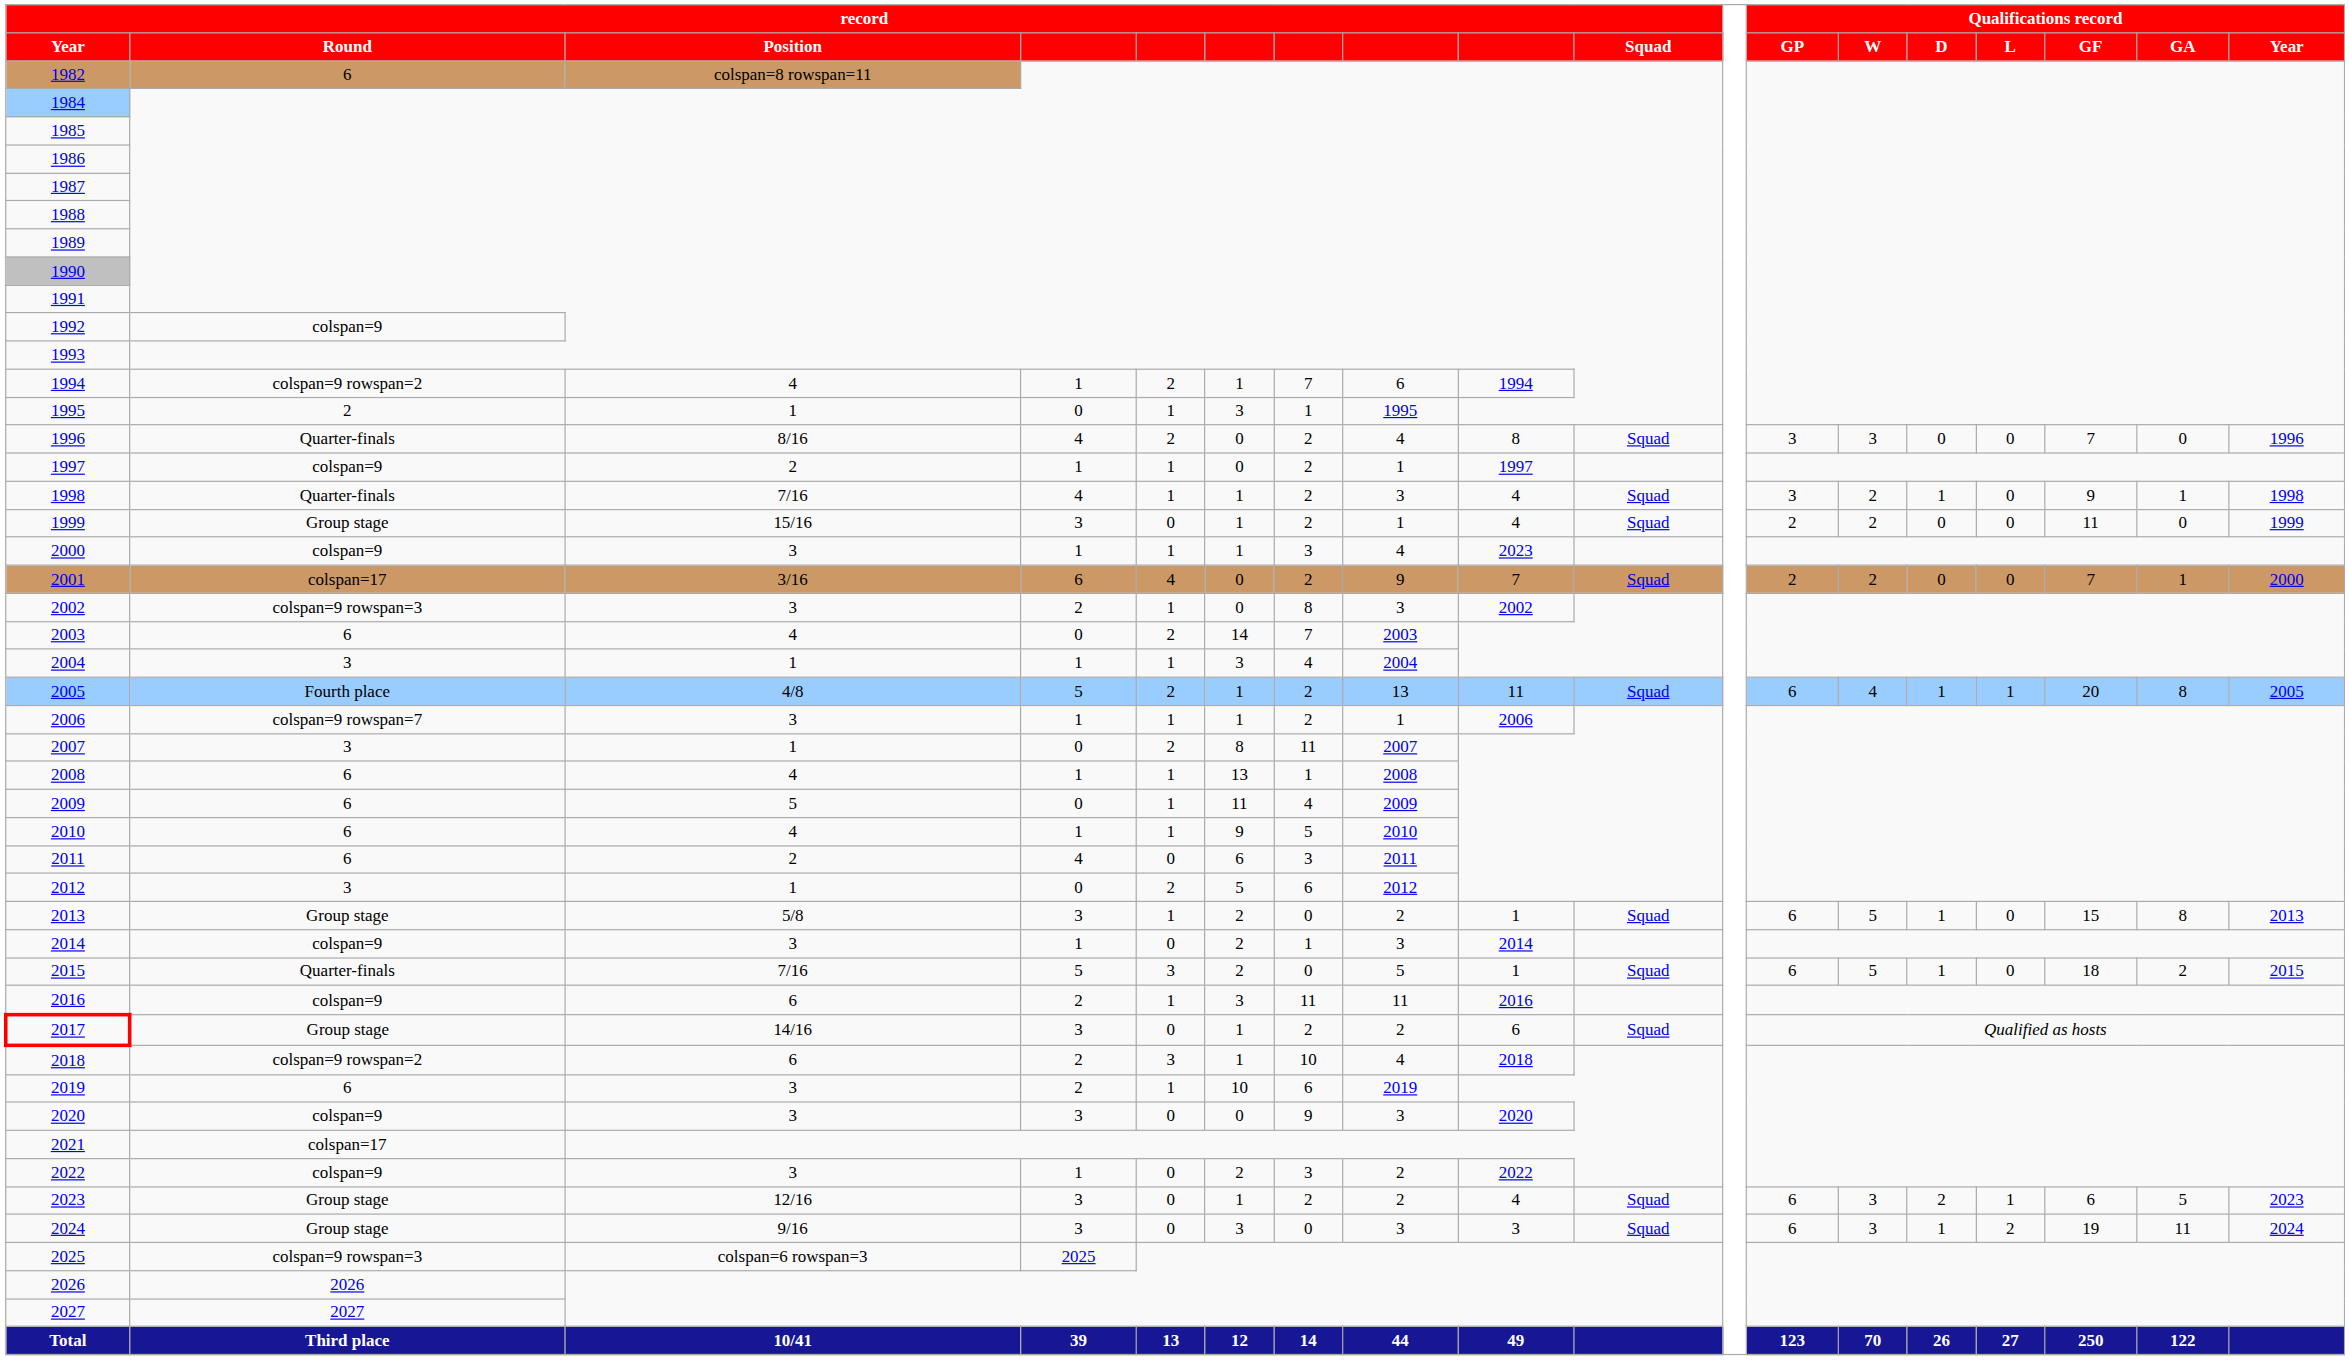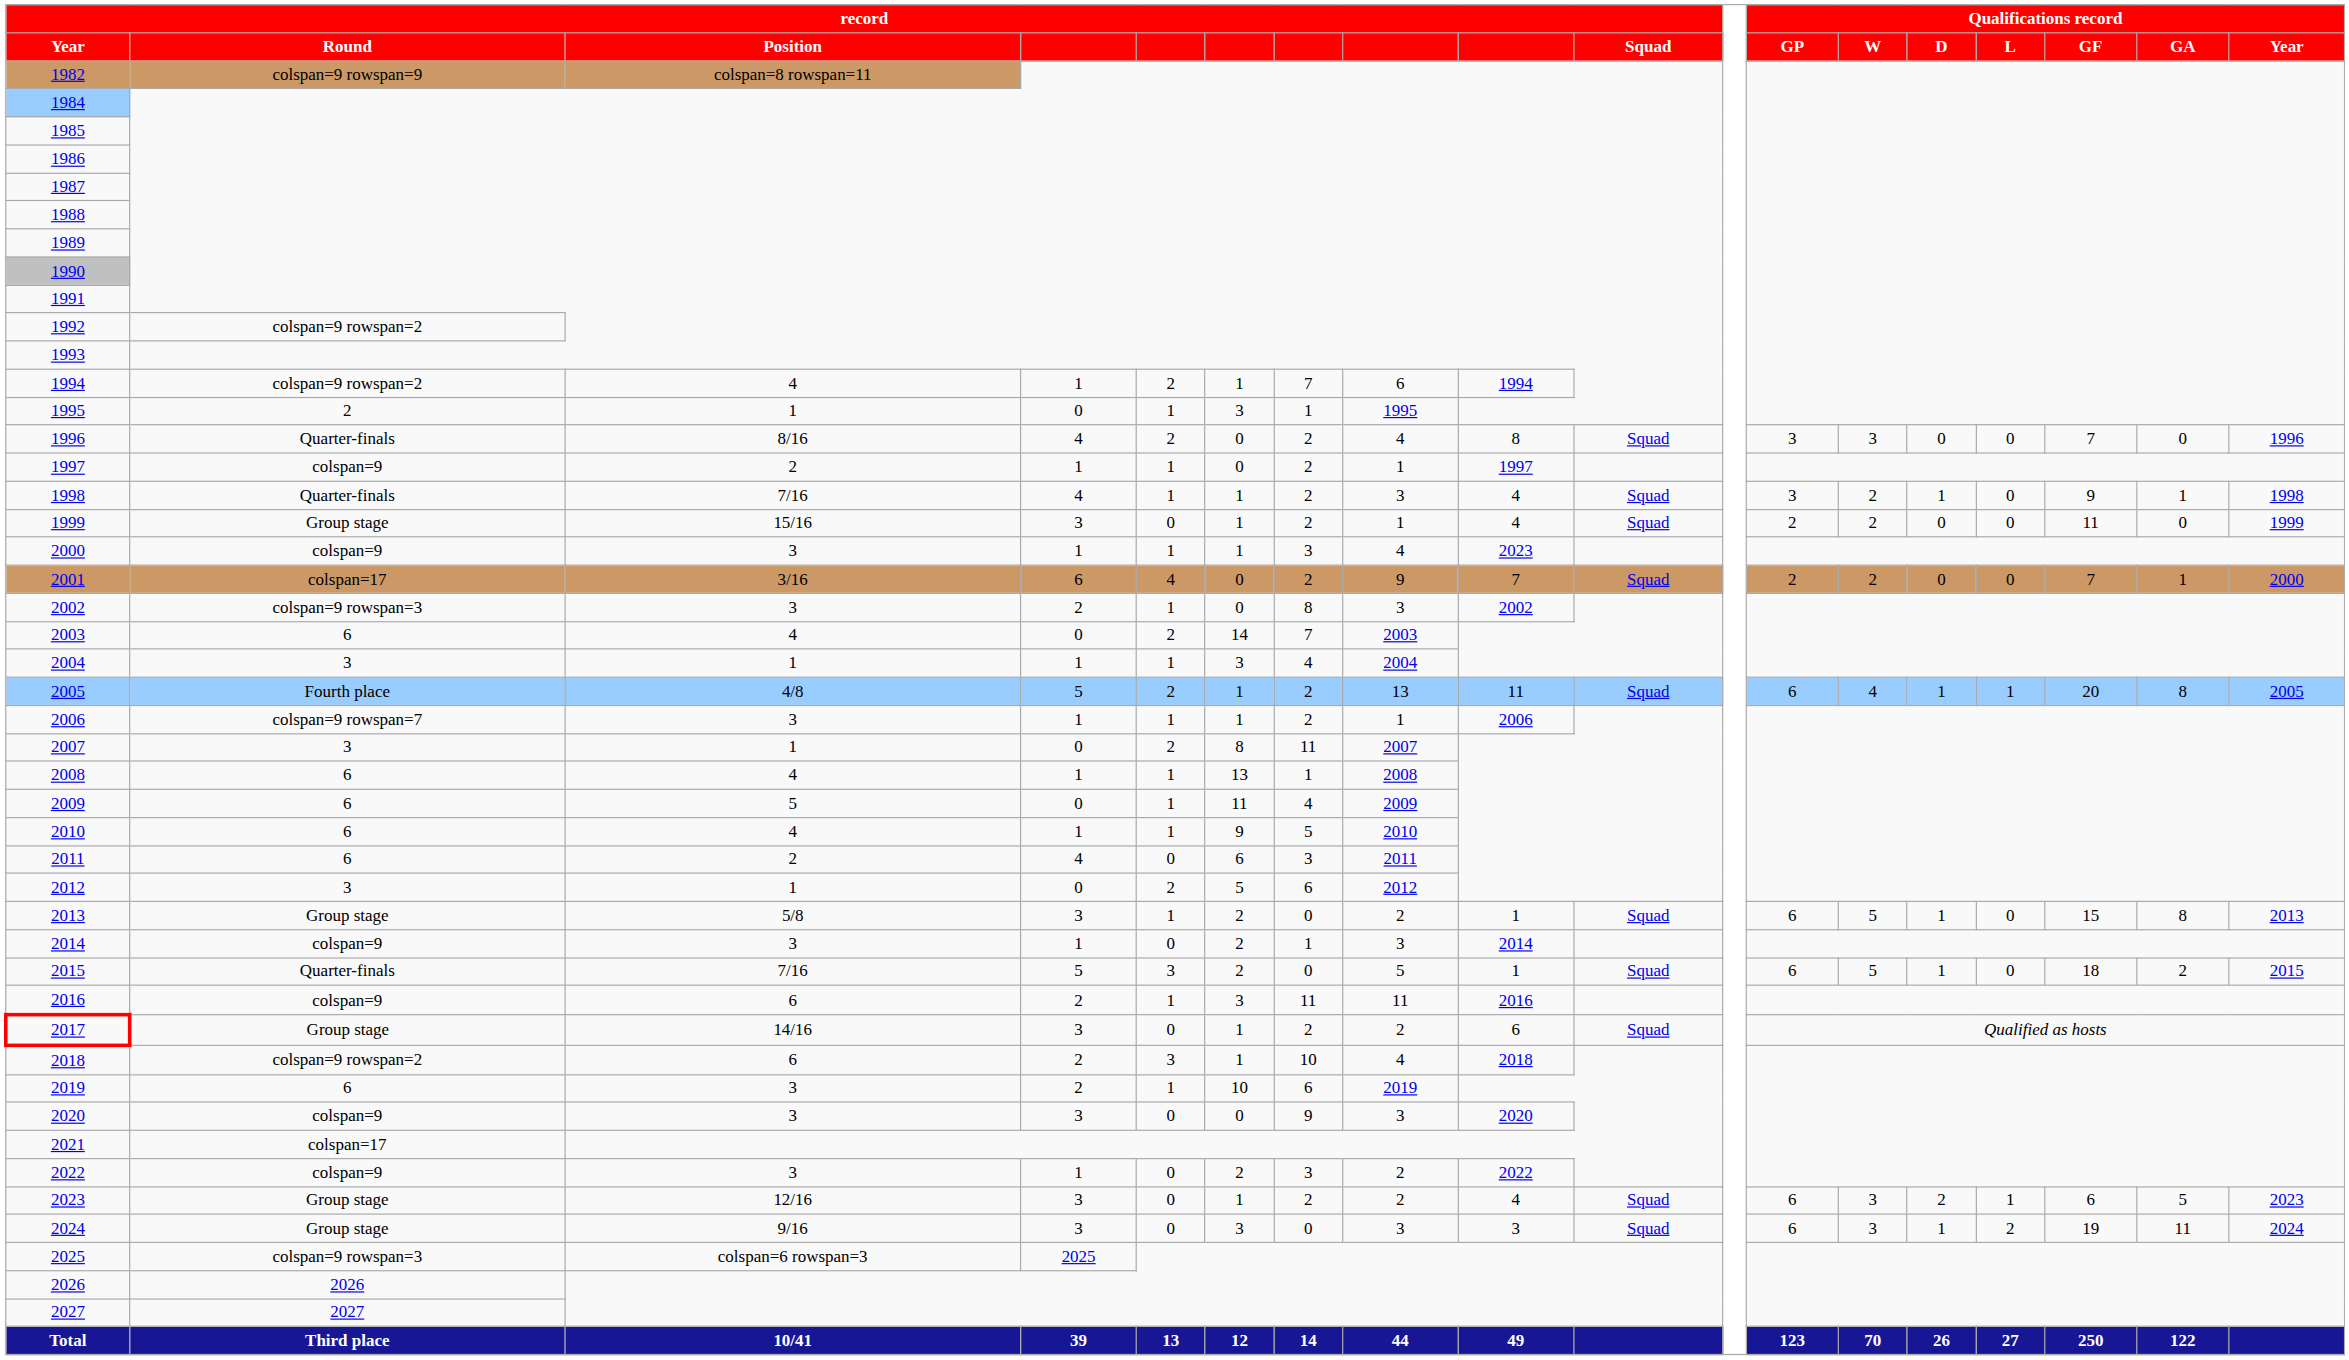 <table class="wikitable" style="font-size:90%; text-align:center;" width="100%" class="wikitable">
 <tr>
 <th colspan=10 style="background:#ff0000; color:white; "><a href='#'></a> record</th>
 <th width=1% rowspan="75" style="background:#FFFFFF; color:white"></th>
 <th colspan=8 style="background:#ff0000; color:white; ">Qualifications record</th>
 </tr>
 <tr>
 <th style="background:#ff0000; color:white; ">Year</th>
 <th style="background:#ff0000; color:white; ">Round</th>
 <th style="background:#ff0000; color:white; ">Position</th>
 <th style="background:#ff0000; color:white; "></th>
 <th style="background:#ff0000; color:white; "></th>
 <th style="background:#ff0000; color:white; "></th>
 <th style="background:#ff0000; color:white; "></th>
 <th style="background:#ff0000; color:white; "></th>
 <th style="background:#ff0000; color:white; "></th>
 <th style="background:#ff0000; color:white; ">Squad</th>
 <th style="background:#ff0000; color:white; ">GP</th>
 <th style="background:#ff0000; color:white; ">W</th>
 <th style="background:#ff0000; color:white; ">D</th>
 <th style="background:#ff0000; color:white; ">L</th>
 <th style="background:#ff0000; color:white; ">GF</th>
 <th style="background:#ff0000; color:white; ">GA</th>
 <th colspan=2 style="background:#ff0000; color:white; ">Year</th>
 </tr>
 <tr bgcolor=#cc9966>
 <td> <a href='#'>1982</a></td>
-<td>6</td>
+<td>colspan=9 rowspan=9 </td>
 <td>colspan=8 rowspan=11 </td>
 </tr>
 <tr style="background:#9acdff">
 <td> <a href='#'>1984</a></td>
 </tr>
 <tr>
 <td> <a href='#'>1985</a></td>
 </tr>
 <tr>
 <td> <a href='#'>1986</a></td>
 </tr>
 <tr>
 <td> <a href='#'>1987</a></td>
 </tr>
 <tr>
 <td> <a href='#'>1988</a></td>
 </tr>
 <tr>
 <td> <a href='#'>1989</a></td>
 </tr>
 <tr bgcolor=silver>
 <td> <a href='#'>1990</a></td>
 </tr>
 <tr>
 <td> <a href='#'>1991</a></td>
 </tr>
 <tr>
 <td> <a href='#'>1992</a></td>
-<td>colspan=9 </td>
+<td>colspan=9 rowspan=2 </td>
 </tr>
 <tr>
 <td> <a href='#'>1993</a></td>
 </tr>
 <tr>
 <td> <a href='#'>1994</a></td>
 <td>colspan=9 rowspan=2 </td>
 <td>4</td>
 <td>1</td>
 <td>2</td>
 <td>1</td>
 <td>7</td>
 <td>6</td>
 <td><a href='#'>1994</a></td>
 </tr>
 <tr>
 <td> <a href='#'>1995</a></td>
 <td>2</td>
 <td>1</td>
 <td>0</td>
 <td>1</td>
 <td>3</td>
 <td>1</td>
 <td><a href='#'>1995</a></td>
 </tr>
 <tr>
 <td> <a href='#'>1996</a></td>
 <td>Quarter-finals</td>
 <td>8/16</td>
 <td>4</td>
 <td>2</td>
 <td>0</td>
 <td>2</td>
 <td>4</td>
 <td>8</td>
 <td><a href='#'>Squad</a></td>
 <td>3</td>
 <td>3</td>
 <td>0</td>
 <td>0</td>
 <td>7</td>
 <td>0</td>
 <td><a href='#'>1996</a></td>
 </tr>
 <tr>
 <td> <a href='#'>1997</a></td>
 <td>colspan=9 </td>
 <td>2</td>
 <td>1</td>
 <td>1</td>
 <td>0</td>
 <td>2</td>
 <td>1</td>
 <td><a href='#'>1997</a></td>
 </tr>
 <tr>
 <td> <a href='#'>1998</a></td>
 <td>Quarter-finals</td>
 <td>7/16</td>
 <td>4</td>
 <td>1</td>
 <td>1</td>
 <td>2</td>
 <td>3</td>
 <td>4</td>
 <td><a href='#'>Squad</a></td>
 <td>3</td>
 <td>2</td>
 <td>1</td>
 <td>0</td>
 <td>9</td>
 <td>1</td>
 <td><a href='#'>1998</a></td>
 </tr>
 <tr>
 <td> <a href='#'>1999</a></td>
 <td>Group stage</td>
 <td>15/16</td>
 <td>3</td>
 <td>0</td>
 <td>1</td>
 <td>2</td>
 <td>1</td>
 <td>4</td>
 <td><a href='#'>Squad</a></td>
 <td>2</td>
 <td>2</td>
 <td>0</td>
 <td>0</td>
 <td>11</td>
 <td>0</td>
 <td><a href='#'>1999</a></td>
 </tr>
 <tr>
 <td> <a href='#'>2000</a></td>
 <td>colspan=9 </td>
 <td>3</td>
 <td>1</td>
 <td>1</td>
 <td>1</td>
 <td>3</td>
 <td>4</td>
 <td><a href='#'>2023</a></td>
 </tr>
 <tr bgcolor="#cc9966">
 <td> <a href='#'>2001</a></td>
 <td>colspan=17 </td>
 <td>3/16</td>
 <td>6</td>
 <td>4</td>
 <td>0</td>
 <td>2</td>
 <td>9</td>
 <td>7</td>
 <td><a href='#'>Squad</a></td>
 <td>2</td>
 <td>2</td>
 <td>0</td>
 <td>0</td>
 <td>7</td>
 <td>1</td>
 <td><a href='#'>2000</a></td>
 </tr>
 <tr>
 <td> <a href='#'>2002</a></td>
 <td>colspan=9 rowspan=3 </td>
 <td>3</td>
 <td>2</td>
 <td>1</td>
 <td>0</td>
 <td>8</td>
 <td>3</td>
 <td><a href='#'>2002</a></td>
 </tr>
 <tr>
 <td> <a href='#'>2003</a></td>
 <td>6</td>
 <td>4</td>
 <td>0</td>
 <td>2</td>
 <td>14</td>
 <td>7</td>
 <td><a href='#'>2003</a></td>
 </tr>
 <tr>
 <td> <a href='#'>2004</a></td>
 <td>3</td>
 <td>1</td>
 <td>1</td>
 <td>1</td>
 <td>3</td>
 <td>4</td>
 <td><a href='#'>2004</a></td>
 </tr>
 <tr style="background:#9acdff">
 <td> <a href='#'>2005</a></td>
 <td>Fourth place</td>
 <td>4/8</td>
 <td>5</td>
 <td>2</td>
 <td>1</td>
 <td>2</td>
 <td>13</td>
 <td>11</td>
 <td><a href='#'>Squad</a></td>
 <td>6</td>
 <td>4</td>
 <td>1</td>
 <td>1</td>
 <td>20</td>
 <td>8</td>
 <td><a href='#'>2005</a></td>
 </tr>
 <tr>
 <td> <a href='#'>2006</a></td>
 <td>colspan=9 rowspan=7 </td>
 <td>3</td>
 <td>1</td>
 <td>1</td>
 <td>1</td>
 <td>2</td>
 <td>1</td>
 <td><a href='#'>2006</a></td>
 </tr>
 <tr>
 <td> <a href='#'>2007</a></td>
 <td>3</td>
 <td>1</td>
 <td>0</td>
 <td>2</td>
 <td>8</td>
 <td>11</td>
 <td><a href='#'>2007</a></td>
 </tr>
 <tr>
 <td> <a href='#'>2008</a></td>
 <td>6</td>
 <td>4</td>
 <td>1</td>
 <td>1</td>
 <td>13</td>
 <td>1</td>
 <td><a href='#'>2008</a></td>
 </tr>
 <tr>
 <td> <a href='#'>2009</a></td>
 <td>6</td>
 <td>5</td>
 <td>0</td>
 <td>1</td>
 <td>11</td>
 <td>4</td>
 <td><a href='#'>2009</a></td>
 </tr>
 <tr>
 <td> <a href='#'>2010</a></td>
 <td>6</td>
 <td>4</td>
 <td>1</td>
 <td>1</td>
 <td>9</td>
 <td>5</td>
 <td><a href='#'>2010</a></td>
 </tr>
 <tr>
 <td> <a href='#'>2011</a></td>
 <td>6</td>
 <td>2</td>
 <td>4</td>
 <td>0</td>
 <td>6</td>
 <td>3</td>
 <td><a href='#'>2011</a></td>
 </tr>
 <tr>
 <td> <a href='#'>2012</a></td>
 <td>3</td>
 <td>1</td>
 <td>0</td>
 <td>2</td>
 <td>5</td>
 <td>6</td>
 <td><a href='#'>2012</a></td>
 </tr>
 <tr>
 <td> <a href='#'>2013</a></td>
 <td>Group stage</td>
 <td>5/8</td>
 <td>3</td>
 <td>1</td>
 <td>2</td>
 <td>0</td>
 <td>2</td>
 <td>1</td>
 <td><a href='#'>Squad</a></td>
 <td>6</td>
 <td>5</td>
 <td>1</td>
 <td>0</td>
 <td>15</td>
 <td>8</td>
 <td><a href='#'>2013</a></td>
 </tr>
 <tr>
 <td> <a href='#'>2014</a></td>
 <td>colspan=9 </td>
 <td>3</td>
 <td>1</td>
 <td>0</td>
 <td>2</td>
 <td>1</td>
 <td>3</td>
 <td><a href='#'>2014</a></td>
 </tr>
 <tr>
 <td> <a href='#'>2015</a></td>
 <td>Quarter-finals</td>
 <td>7/16</td>
 <td>5</td>
 <td>3</td>
 <td>2</td>
 <td>0</td>
 <td>5</td>
 <td>1</td>
 <td><a href='#'>Squad</a></td>
 <td>6</td>
 <td>5</td>
 <td>1</td>
 <td>0</td>
 <td>18</td>
 <td>2</td>
 <td><a href='#'>2015</a></td>
 </tr>
 <tr>
 <td> <a href='#'>2016</a></td>
 <td>colspan=9 </td>
 <td>6</td>
 <td>2</td>
 <td>1</td>
 <td>3</td>
 <td>11</td>
 <td>11</td>
 <td><a href='#'>2016</a></td>
 </tr>
 <tr>
 <td style="border: 3px solid red"> <a href='#'>2017</a></td>
 <td>Group stage</td>
 <td>14/16</td>
 <td>3</td>
 <td>0</td>
 <td>1</td>
 <td>2</td>
 <td>2</td>
 <td>6</td>
 <td><a href='#'>Squad</a></td>
 <td colspan=8><em> Qualified as hosts</em></td>
 </tr>
 <tr>
 <td> <a href='#'>2018</a></td>
 <td>colspan=9 rowspan=2 </td>
 <td>6</td>
 <td>2</td>
 <td>3</td>
 <td>1</td>
 <td>10</td>
 <td>4</td>
 <td><a href='#'>2018</a></td>
 </tr>
 <tr>
 <td> <a href='#'>2019</a></td>
 <td>6</td>
 <td>3</td>
 <td>2</td>
 <td>1</td>
 <td>10</td>
 <td>6</td>
 <td><a href='#'>2019</a></td>
 </tr>
 <tr>
 <td> <a href='#'>2020</a></td>
 <td>colspan=9 </td>
 <td>3</td>
 <td>3</td>
 <td>0</td>
 <td>0</td>
 <td>9</td>
 <td>3</td>
 <td><a href='#'>2020</a></td>
 </tr>
 <tr>
 <td> <a href='#'>2021</a></td>
 <td>colspan=17 </td>
 </tr>
 <tr>
 <td> <a href='#'>2022</a></td>
 <td>colspan=9 </td>
 <td>3</td>
 <td>1</td>
 <td>0</td>
 <td>2</td>
 <td>3</td>
 <td>2</td>
 <td><a href='#'>2022</a></td>
 </tr>
 <tr>
 <td> <a href='#'>2023</a></td>
 <td>Group stage</td>
 <td>12/16</td>
 <td>3</td>
 <td>0</td>
 <td>1</td>
 <td>2</td>
 <td>2</td>
 <td>4</td>
 <td><a href='#'>Squad</a></td>
 <td>6</td>
 <td>3</td>
 <td>2</td>
 <td>1</td>
 <td>6</td>
 <td>5</td>
 <td><a href='#'>2023</a></td>
 </tr>
 <tr>
 <td> <a href='#'>2024</a></td>
 <td>Group stage</td>
 <td>9/16</td>
 <td>3</td>
 <td>0</td>
 <td>3</td>
 <td>0</td>
 <td>3</td>
 <td>3</td>
 <td><a href='#'>Squad</a></td>
 <td>6</td>
 <td>3</td>
 <td>1</td>
 <td>2</td>
 <td>19</td>
 <td>11</td>
 <td><a href='#'>2024</a></td>
 </tr>
 <tr>
 <td> <a href='#'>2025</a></td>
 <td>colspan=9 rowspan=3 </td>
 <td>colspan=6 rowspan=3 </td>
 <td><a href='#'>2025</a></td>
 </tr>
 <tr>
 <td> <a href='#'>2026</a></td>
 <td><a href='#'>2026</a></td>
 </tr>
 <tr>
 <td> <a href='#'>2027</a></td>
 <td><a href='#'>2027</a></td>
 </tr>
 <tr>
 <th style="background:#171796; color:white; ">Total</th>
 <th style="background:#171796; color:white; ">Third place</th>
 <th style="background:#171796; color:white; ">10/41</th>
 <th style="background:#171796; color:white; ">39</th>
 <th style="background:#171796; color:white; ">13</th>
 <th style="background:#171796; color:white; ">12</th>
 <th style="background:#171796; color:white; ">14</th>
 <th style="background:#171796; color:white; ">44</th>
 <th style="background:#171796; color:white; ">49</th>
 <th style="background:#171796; color:white; "></th>
 <th style="background:#171796; color:white; ">123</th>
 <th style="background:#171796; color:white; ">70</th>
 <th style="background:#171796; color:white; ">26</th>
 <th style="background:#171796; color:white; ">27</th>
 <th style="background:#171796; color:white; ">250</th>
 <th style="background:#171796; color:white; ">122</th>
 <th colspan=2 style="background:#171796; color:white; "></th>
 </tr>
 <tr>
 </tr>
 </table>
